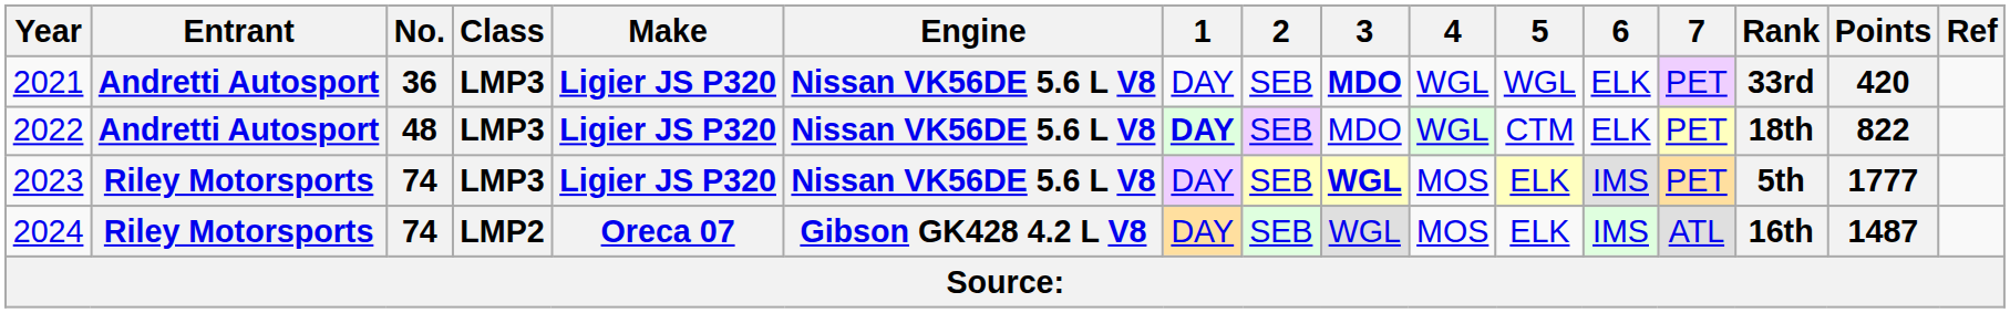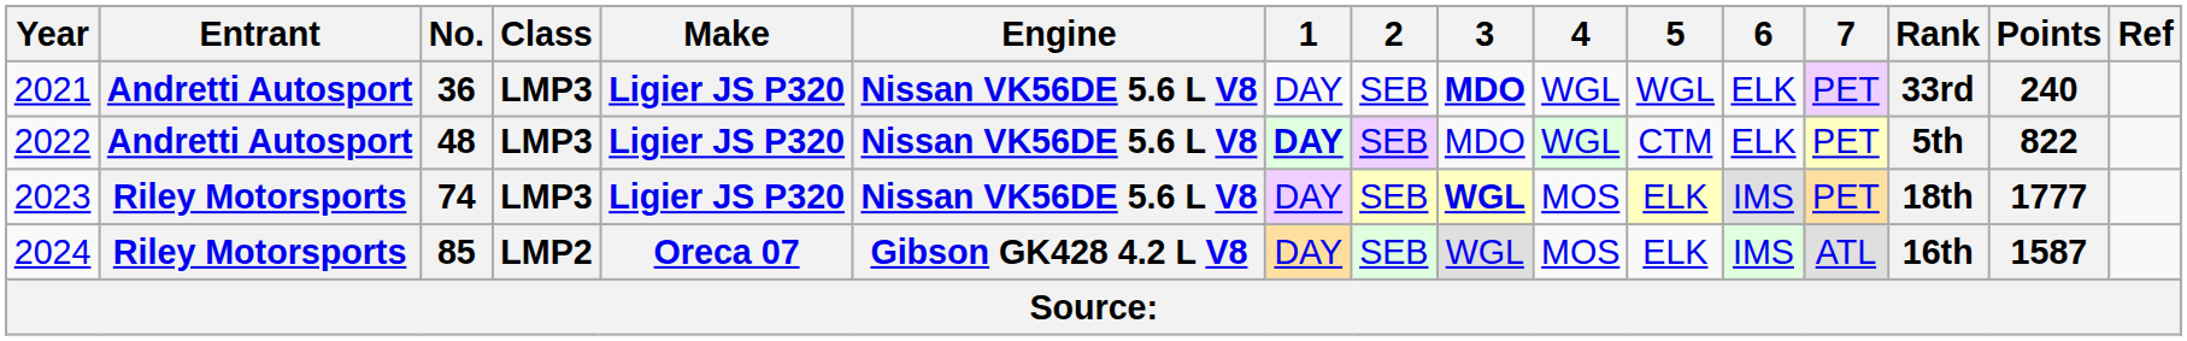 <table class="wikitable" style="text-align:center; font-size:90%">
 <tr>
 <th>Year</th>
 <th>Entrant</th>
 <th>No.</th>
 <th>Class</th>
 <th>Make</th>
 <th>Engine</th>
 <th>1</th>
 <th>2</th>
 <th>3</th>
 <th>4</th>
 <th>5</th>
 <th>6</th>
 <th>7</th>
 <th>Rank</th>
 <th>Points</th>
 <th>Ref</th>
 </tr>
 <tr>
 <td><a href='#'>2021</a></td>
 <th><a href='#'>Andretti Autosport</a></th>
 <th>36</th>
 <th>LMP3</th>
 <th><a href='#'>Ligier JS P320</a></th>
 <th><a href='#'>Nissan VK56DE</a> 5.6 L <a href='#'>V8</a></th>
 <td><a href='#'>DAY</a></td>
 <td><a href='#'>SEB</a></td>
 <td><strong><a href='#'>MDO</a></strong></td>
 <td><a href='#'>WGL</a></td>
 <td><a href='#'>WGL</a></td>
 <td><a href='#'>ELK</a></td>
 <td style="background:#EFCFFF;"><a href='#'>PET</a><br></td>
 <th>33rd</th>
-<th>420</th>
+<th>240</th>
 <td></td>
 </tr>
 <tr>
 <td><a href='#'>2022</a></td>
 <th><a href='#'>Andretti Autosport</a></th>
 <th>48</th>
 <th>LMP3</th>
 <th><a href='#'>Ligier JS P320</a></th>
 <th><a href='#'>Nissan VK56DE</a> 5.6 L <a href='#'>V8</a></th>
 <td style="background:#DFFFDF;"><strong><a href='#'>DAY</a></strong><br></td>
 <td style="background:#EFCFFF;"><a href='#'>SEB</a><br></td>
 <td><a href='#'>MDO</a></td>
 <td style="background:#DFFFDF;"><a href='#'>WGL</a><br></td>
 <td style="background:"><a href='#'>CTM</a></td>
 <td style="background:"><a href='#'>ELK</a></td>
 <td style="background:#ffffbf;"><a href='#'>PET</a><br></td>
-<th>18th</th>
+<th>5th</th>
 <th>822</th>
 <td></td>
 </tr>
 <tr>
 <td><a href='#'>2023</a></td>
 <th><a href='#'>Riley Motorsports</a></th>
 <th>74</th>
 <th>LMP3</th>
 <th><a href='#'>Ligier JS P320</a></th>
 <th><a href='#'>Nissan VK56DE</a> 5.6 L <a href='#'>V8</a></th>
 <td style="background:#EFCFFF;"><a href='#'>DAY</a><br></td>
 <td style="background:#ffffbf;"><a href='#'>SEB</a><br></td>
 <td style="background:#ffffbf;"><strong><a href='#'>WGL</a></strong><br></td>
 <td><a href='#'>MOS</a></td>
 <td style="background:#ffffbf;"><a href='#'>ELK</a><br></td>
 <td style="background:#DFDFDF;”"><a href='#'>IMS</a><br></td>
 <td style="background:#FFDF9F;”"><a href='#'>PET</a><br></td>
-<th>5th</th>
+<th>18th</th>
 <th>1777</th>
 <td></td>
 </tr>
 <tr>
 <td><a href='#'>2024</a></td>
 <th><a href='#'>Riley Motorsports</a></th>
-<th>74</th>
+<th>85</th>
 <th>LMP2</th>
 <th><a href='#'>Oreca 07</a></th>
 <th><a href='#'>Gibson</a> GK428 4.2 L <a href='#'>V8</a></th>
 <td style="background:#FFDF9F;”"><a href='#'>DAY</a><br></td>
 <td style="background:#DFFFDF;"><a href='#'>SEB</a><br></td>
 <td style="background:#DFDFDF;”"><a href='#'>WGL</a><br></td>
 <td><a href='#'>MOS</a></td>
 <td><a href='#'>ELK</a></td>
 <td style="background:#DFFFDF;”"><a href='#'>IMS</a><br></td>
 <td style="background:#DFDFDF;”"><a href='#'>ATL</a><br></td>
 <th>16th</th>
-<th>1487</th>
+<th>1587</th>
 <td></td>
 </tr>
 <tr>
 <th colspan="16">Source:</th>
 </tr>
 </table>
